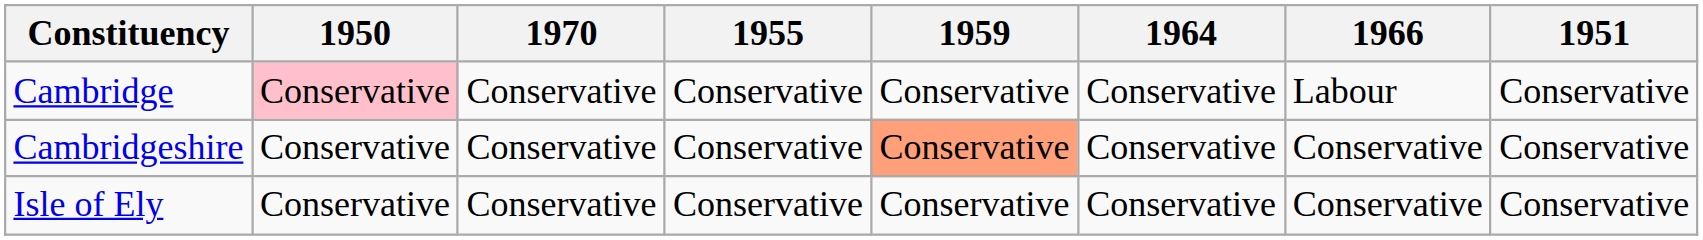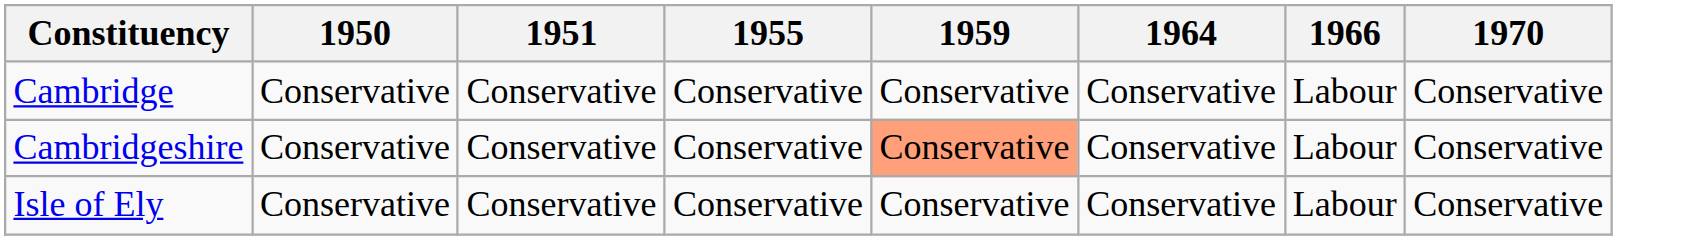 <table class="wikitable">
 <tr>
 <th>Constituency</th>
 <th>1950</th>
-<th>1970</th>
+<th>1951</th>
 <th>1955</th>
 <th>1959</th>
 <th>1964</th>
 <th>1966</th>
-<th>1951</th>
+<th>1970</th>
 </tr>
 <tr>
 <td><a href='#'>Cambridge</a></td>
-<td style="background: pink;">Conservative</td>
+<td>Conservative</td>
 <td>Conservative</td>
 <td>Conservative</td>
 <td>Conservative</td>
 <td>Conservative</td>
 <td>Labour</td>
 <td>Conservative</td>
 </tr>
 <tr>
 <td><a href='#'>Cambridgeshire</a></td>
 <td>Conservative</td>
 <td>Conservative</td>
 <td>Conservative</td>
 <td style="background: lightsalmon;">Conservative</td>
 <td>Conservative</td>
-<td>Conservative</td>
+<td>Labour</td>
 <td>Conservative</td>
 </tr>
 <tr>
 <td><a href='#'>Isle of Ely</a></td>
 <td>Conservative</td>
 <td>Conservative</td>
 <td>Conservative</td>
 <td>Conservative</td>
 <td>Conservative</td>
-<td>Conservative</td>
+<td>Labour</td>
 <td>Conservative</td>
 </tr>
 </table>
